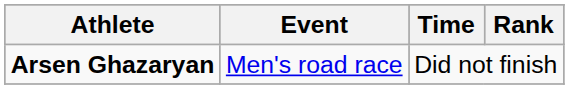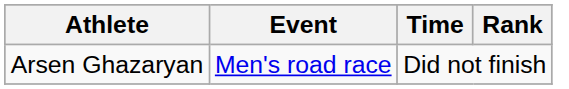 <table class=wikitable style="font-size:90%;">
 <tr>
 <th>Athlete</th>
 <th>Event</th>
 <th>Time</th>
 <th>Rank</th>
 </tr>
 <tr align=center>
-<td align=left><strong>Arsen Ghazaryan</strong></td>
+<td align=left>Arsen Ghazaryan</td>
 <td align=left rowspan=4><a href='#'>Men's road race</a></td>
 <td colspan=2>Did not finish</td>
 </tr>
 </table>
